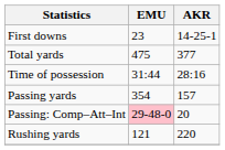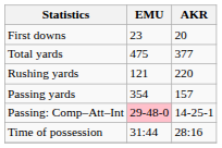 <table class="wikitable" style="float: left;">
 <tr>
 <th>Statistics</th>
 <th>EMU</th>
 <th>AKR</th>
 </tr>
 <tr>
 <td>First downs</td>
 <td>23</td>
-<td>14-25-1</td>
+<td>20</td>
 </tr>
 <tr>
 <td>Total yards</td>
 <td>475</td>
 <td>377</td>
 </tr>
 <tr>
-<td>Time of possession</td>
-<td>31:44</td>
-<td>28:16</td>
+<td>Rushing yards</td>
+<td>121</td>
+<td>220</td>
 </tr>
 <tr>
 <td>Passing yards</td>
 <td>354</td>
 <td>157</td>
 </tr>
 <tr>
 <td>Passing: Comp–Att–Int</td>
 <td style="background: pink;">29-48-0</td>
-<td>20</td>
+<td>14-25-1</td>
 </tr>
 <tr>
-<td>Rushing yards</td>
-<td>121</td>
-<td>220</td>
+<td>Time of possession</td>
+<td>31:44</td>
+<td>28:16</td>
 </tr>
 <tr>
 </tr>
 </table>
